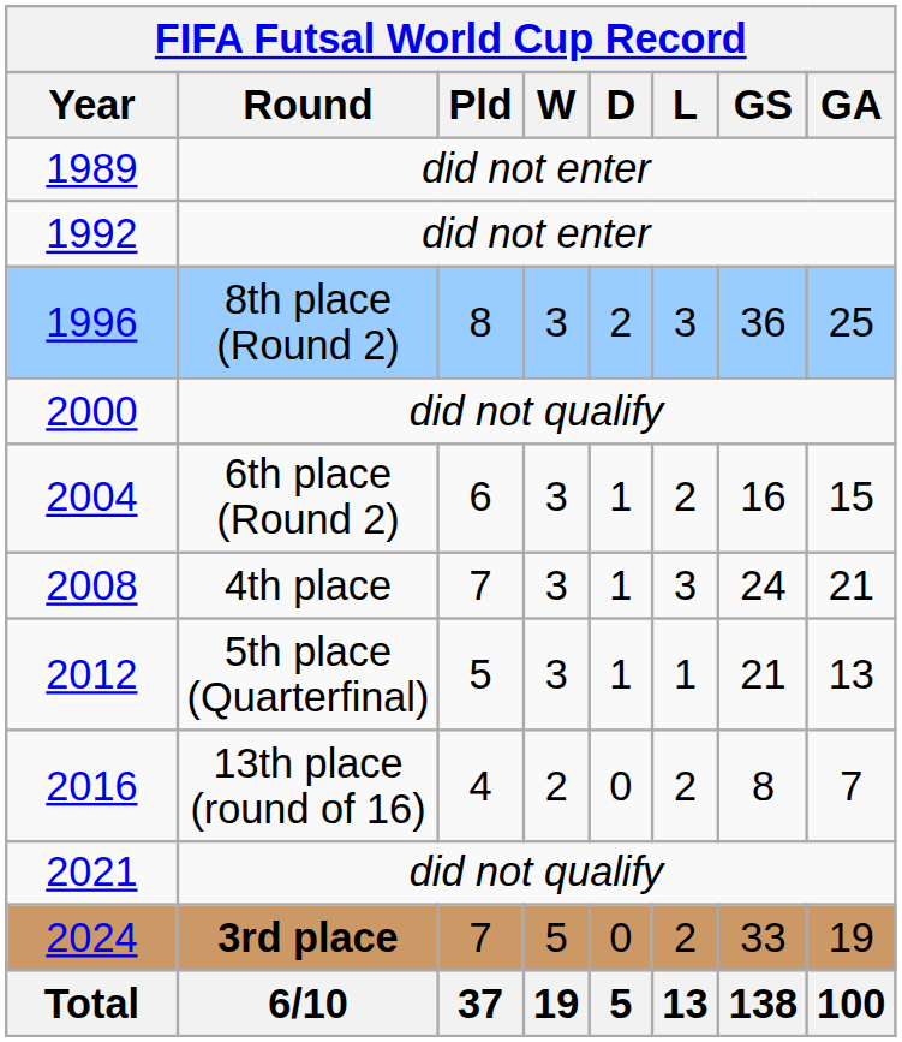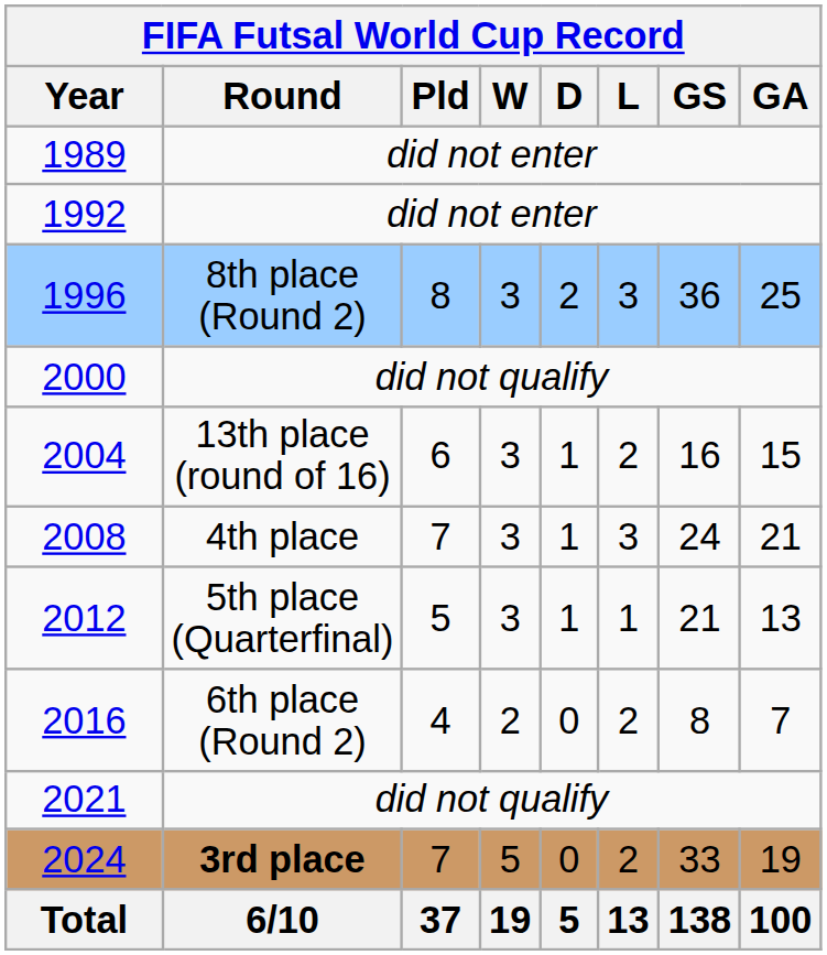 <table class="wikitable" width=50% style="text-align: center;font-size:90%;">
 <tr>
 <th colspan="8"><a href='#'>FIFA Futsal World Cup Record</a></th>
 </tr>
 <tr>
 <th width=25%>Year</th>
 <th width=25%>Round</th>
 <th width=8%>Pld</th>
 <th width=8%>W</th>
 <th width=8%>D</th>
 <th width=8%>L</th>
 <th width=8%>GS</th>
 <th width=8%>GA</th>
 </tr>
 <tr>
 <td> <a href='#'>1989</a></td>
 <td colspan="7"><em>did not enter</em></td>
 </tr>
 <tr>
 <td> <a href='#'>1992</a></td>
 <td colspan="7"><em>did not enter</em></td>
 </tr>
 <tr style="background:#9acdff;">
 <td> <a href='#'>1996</a></td>
 <td>8th place (Round 2)</td>
 <td>8</td>
 <td>3</td>
 <td>2</td>
 <td>3</td>
 <td>36</td>
 <td>25</td>
 </tr>
 <tr>
 <td> <a href='#'>2000</a></td>
 <td colspan="7"><em>did not qualify</em></td>
 </tr>
 <tr>
 <td> <a href='#'>2004</a></td>
-<td>6th place (Round 2)</td>
+<td>13th place (round of 16)</td>
 <td>6</td>
 <td>3</td>
 <td>1</td>
 <td>2</td>
 <td>16</td>
 <td>15</td>
 </tr>
 <tr>
 <td> <a href='#'>2008</a></td>
 <td>4th place</td>
 <td>7</td>
 <td>3</td>
 <td>1</td>
 <td>3</td>
 <td>24</td>
 <td>21</td>
 </tr>
 <tr>
 <td> <a href='#'>2012</a></td>
 <td>5th place (Quarterfinal)</td>
 <td>5</td>
 <td>3</td>
 <td>1</td>
 <td>1</td>
 <td>21</td>
 <td>13</td>
 </tr>
 <tr>
 <td> <a href='#'>2016</a></td>
-<td>13th place (round of 16)</td>
+<td>6th place (Round 2)</td>
 <td>4</td>
 <td>2</td>
 <td>0</td>
 <td>2</td>
 <td>8</td>
 <td>7</td>
 </tr>
 <tr>
 <td> <a href='#'>2021</a></td>
 <td colspan="7"><em>did not qualify</em></td>
 </tr>
 <tr style="background:#CC9966">
 <td> <a href='#'>2024</a></td>
 <td><strong>3rd place</strong></td>
 <td>7</td>
 <td>5</td>
 <td>0</td>
 <td>2</td>
 <td>33</td>
 <td>19</td>
 </tr>
 <tr>
 <th><strong>Total</strong></th>
 <th>6/10</th>
 <th>37</th>
 <th>19</th>
 <th>5</th>
 <th>13</th>
 <th>138</th>
 <th>100</th>
 </tr>
 </table>
